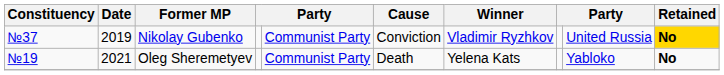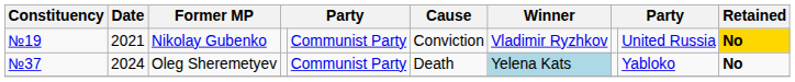 <table class="wikitable">
 <tr>
 <th>Constituency</th>
 <th>Date</th>
 <th>Former MP</th>
 <th colspan=2>Party</th>
 <th>Cause</th>
 <th>Winner</th>
 <th colspan=2>Party</th>
 <th>Retained</th>
 </tr>
 <tr>
-<td><a href='#'>№37</a></td>
-<td>2019</td>
+<td><a href='#'>№19</a></td>
+<td>2021</td>
 <td><a href='#'>Nikolay Gubenko</a></td>
 <td style="background-color:"></td>
 <td><a href='#'>Communist Party</a></td>
 <td>Conviction</td>
 <td><a href='#'>Vladimir Ryzhkov</a></td>
 <td style="background-color:"></td>
 <td><a href='#'>United Russia</a></td>
 <td style="background: gold;"><strong>No</strong></td>
 </tr>
 <tr>
-<td><a href='#'>№19</a></td>
-<td>2021</td>
+<td><a href='#'>№37</a></td>
+<td>2024</td>
 <td>Oleg Sheremetyev</td>
 <td style="background-color:"></td>
 <td><a href='#'>Communist Party</a></td>
 <td>Death</td>
-<td>Yelena Kats</td>
+<td style="background: lightblue;">Yelena Kats</td>
 <td style="background-color:"></td>
 <td><a href='#'>Yabloko</a></td>
 <td><strong>No</strong></td>
 </tr>
 <tr>
 </tr>
 </table>
